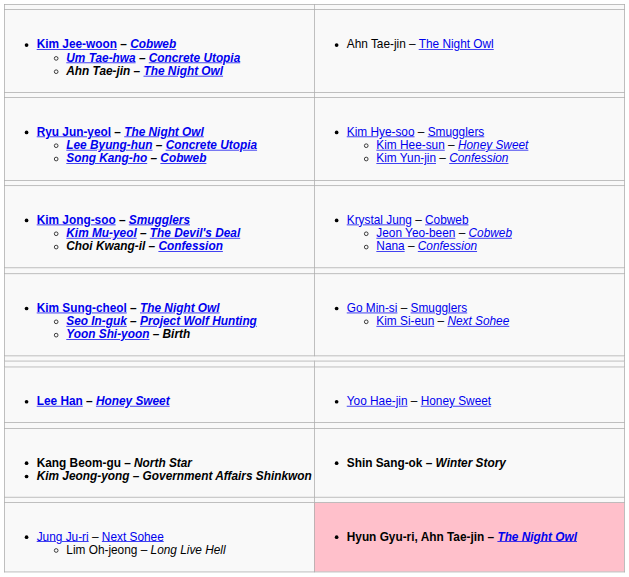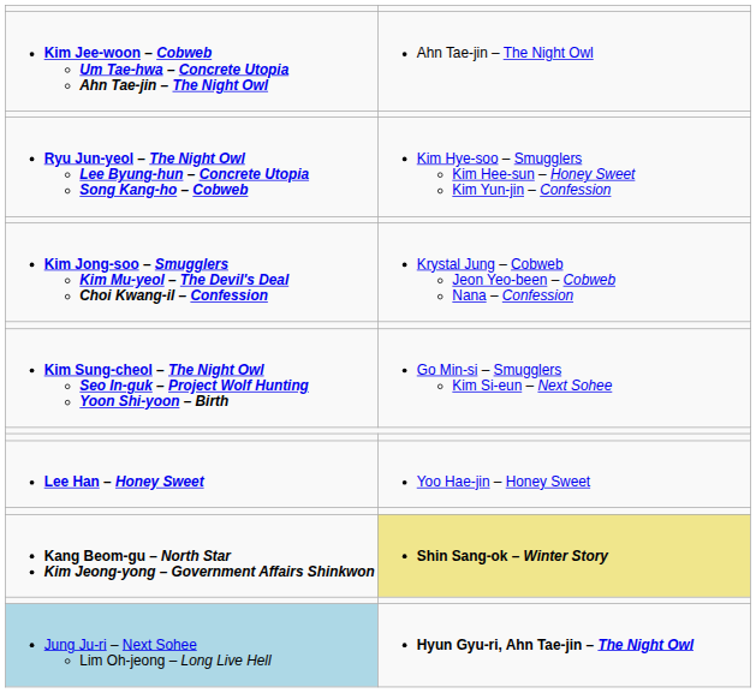 <table class="wikitable ">
 <tr>
 <td style="vertical-align:top; width:50%;"></td>
 <td style="vertical-align:top; width:50%;"></td>
 </tr>
 <tr>
 <td valign="top"><br><ul><li><strong><a href='#'>Kim Jee-woon</a> – <em><a href='#'>Cobweb</a><strong><em><ul><li><a href='#'>Um Tae-hwa</a> – </em><a href='#'>Concrete Utopia</a><em></li><li>Ahn Tae-jin – </em><a href='#'>The Night Owl</a><em></li></ul></li></ul></td>
 <td valign="top"><br><ul><li></strong>Ahn Tae-jin – </em><a href='#'>The Night Owl</a></em></strong></li></ul></td>
 </tr>
 <tr>
 <td style="vertical-align:top; width:50%;"></td>
 <td style="vertical-align:top; width:50%;"></td>
 </tr>
 <tr>
 <td valign="top"><br><ul><li><strong><a href='#'>Ryu Jun-yeol</a> – <em><a href='#'>The Night Owl</a><strong><em><ul><li><a href='#'>Lee Byung-hun</a> – </em><a href='#'>Concrete Utopia</a><em></li><li><a href='#'>Song Kang-ho</a> – </em><a href='#'>Cobweb</a><em></li></ul></li></ul></td>
 <td valign="top"><br><ul><li></strong><a href='#'>Kim Hye-soo</a> – </em><a href='#'>Smugglers</a></em></strong><ul><li><a href='#'>Kim Hee-sun</a> – <em><a href='#'>Honey Sweet</a></em></li><li><a href='#'>Kim Yun-jin</a> – <em><a href='#'>Confession</a></em></li></ul></li></ul></td>
 </tr>
 <tr>
 <td style="vertical-align:top; width:50%;"></td>
 <td style="vertical-align:top; width:50%;"></td>
 </tr>
 <tr>
 <td valign="top"><br><ul><li><strong><a href='#'>Kim Jong-soo</a> – <em><a href='#'>Smugglers</a><strong><em><ul><li><a href='#'>Kim Mu-yeol</a> – </em><a href='#'>The Devil's Deal</a><em></li><li>Choi Kwang-il – </em><a href='#'>Confession</a><em></li></ul></li></ul></td>
 <td valign="top"><br><ul><li></strong><a href='#'>Krystal Jung</a> – </em><a href='#'>Cobweb</a></em></strong><ul><li><a href='#'>Jeon Yeo-been</a> – <em><a href='#'>Cobweb</a></em></li><li><a href='#'>Nana</a> – <em><a href='#'>Confession</a></em></li></ul></li></ul></td>
 </tr>
 <tr>
 <td></td>
 <td></td>
 </tr>
 <tr>
 <td><br><ul><li><strong><a href='#'>Kim Sung-cheol</a> – <em><a href='#'>The Night Owl</a><strong><em><ul><li><a href='#'>Seo In-guk</a> – </em><a href='#'>Project Wolf Hunting</a><em></li><li><a href='#'>Yoon Shi-yoon</a> – </em>Birth<em></li></ul></li></ul></td>
 <td valign="top"><br><ul><li></strong><a href='#'>Go Min-si</a> – </em><a href='#'>Smugglers</a></em></strong><ul><li><a href='#'>Kim Si-eun</a> – <em><a href='#'>Next Sohee</a></em></li></ul></li></ul></td>
 </tr>
 <tr>
 <td colspan="2"></td>
 </tr>
 <tr>
 <td></td>
 <td></td>
 </tr>
 <tr>
 <td><br><ul><li><strong><a href='#'>Lee Han</a> – <em><a href='#'>Honey Sweet</a><strong><em></li></ul></td>
 <td><br><ul><li></strong><a href='#'>Yoo Hae-jin</a> – </em><a href='#'>Honey Sweet</a></em></strong></li></ul></td>
 </tr>
 <tr>
 <td></td>
 <td></td>
 </tr>
 <tr>
 <td><br><ul><li><strong>Kang Beom-gu – <em>North Star<strong><em></li><li></strong>Kim Jeong-yong – </em>Government Affairs Shinkwon</em></strong></li></ul></td>
-<td valign="top"><br><ul><li><strong>Shin Sang-ok – <em>Winter Story<strong><em></li></ul></td>
+<td valign="top" style="background: khaki;"><br><ul><li><strong>Shin Sang-ok – <em>Winter Story<strong><em></li></ul></td>
 </tr>
 <tr>
 <td></td>
 <td></td>
 </tr>
 <tr>
-<td><br><ul><li></strong><a href='#'>Jung Ju-ri</a> – </em><a href='#'>Next Sohee</a></em></strong><ul><li>Lim Oh-jeong – <em>Long Live Hell</em></li></ul></li></ul></td>
-<td valign="top" style="background: pink;"><br><ul><li><strong>Hyun Gyu-ri, Ahn Tae-jin – <em><a href='#'>The Night Owl</a><strong><em></li></ul></td>
+<td style="background: lightblue;"><br><ul><li></strong><a href='#'>Jung Ju-ri</a> – </em><a href='#'>Next Sohee</a></em></strong><ul><li>Lim Oh-jeong – <em>Long Live Hell</em></li></ul></li></ul></td>
+<td valign="top"><br><ul><li><strong>Hyun Gyu-ri, Ahn Tae-jin – <em><a href='#'>The Night Owl</a><strong><em></li></ul></td>
 </tr>
 </table>
